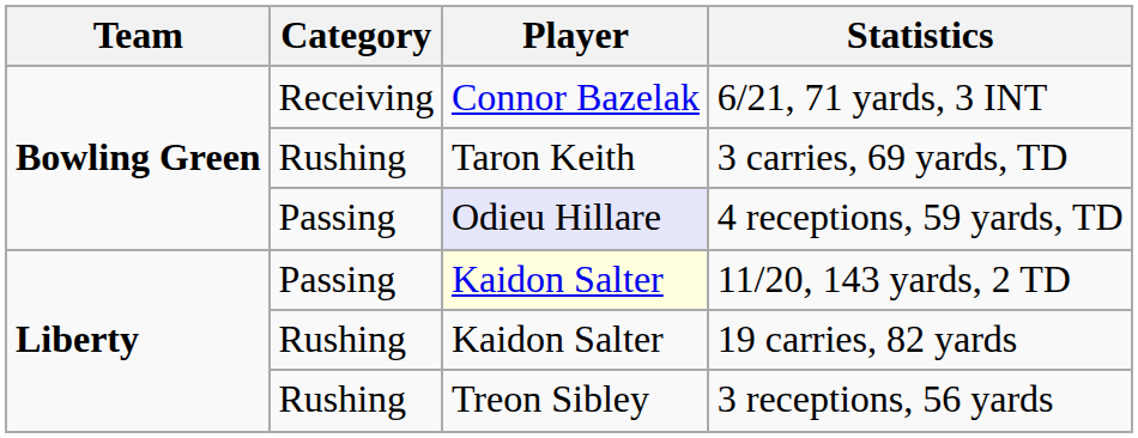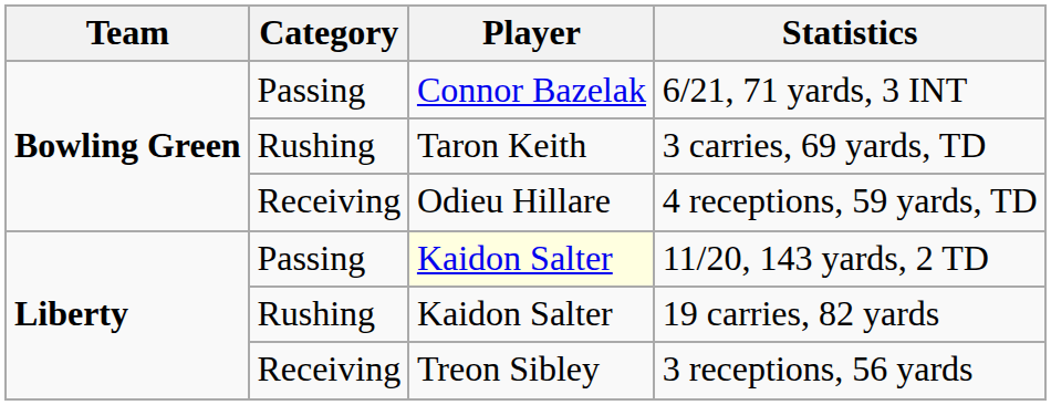 <table class="wikitable" style="float: right;">
 <tr>
 <th>Team</th>
 <th>Category</th>
 <th>Player</th>
 <th>Statistics</th>
 </tr>
 <tr>
 <td rowspan=3><strong>Bowling Green</strong></td>
-<td>Receiving</td>
+<td>Passing</td>
 <td><a href='#'>Connor Bazelak</a></td>
 <td>6/21, 71 yards, 3 INT</td>
 </tr>
 <tr>
 <td>Rushing</td>
 <td>Taron Keith</td>
 <td>3 carries, 69 yards, TD</td>
 </tr>
 <tr>
-<td>Passing</td>
-<td style="background: lavender;">Odieu Hillare</td>
+<td>Receiving</td>
+<td>Odieu Hillare</td>
 <td>4 receptions, 59 yards, TD</td>
 </tr>
 <tr>
 <td rowspan=3><strong>Liberty</strong></td>
 <td>Passing</td>
 <td style="background: lightyellow;"><a href='#'>Kaidon Salter</a></td>
 <td>11/20, 143 yards, 2 TD</td>
 </tr>
 <tr>
 <td>Rushing</td>
 <td>Kaidon Salter</td>
 <td>19 carries, 82 yards</td>
 </tr>
 <tr>
-<td>Rushing</td>
+<td>Receiving</td>
 <td>Treon Sibley</td>
 <td>3 receptions, 56 yards</td>
 </tr>
 </table>
